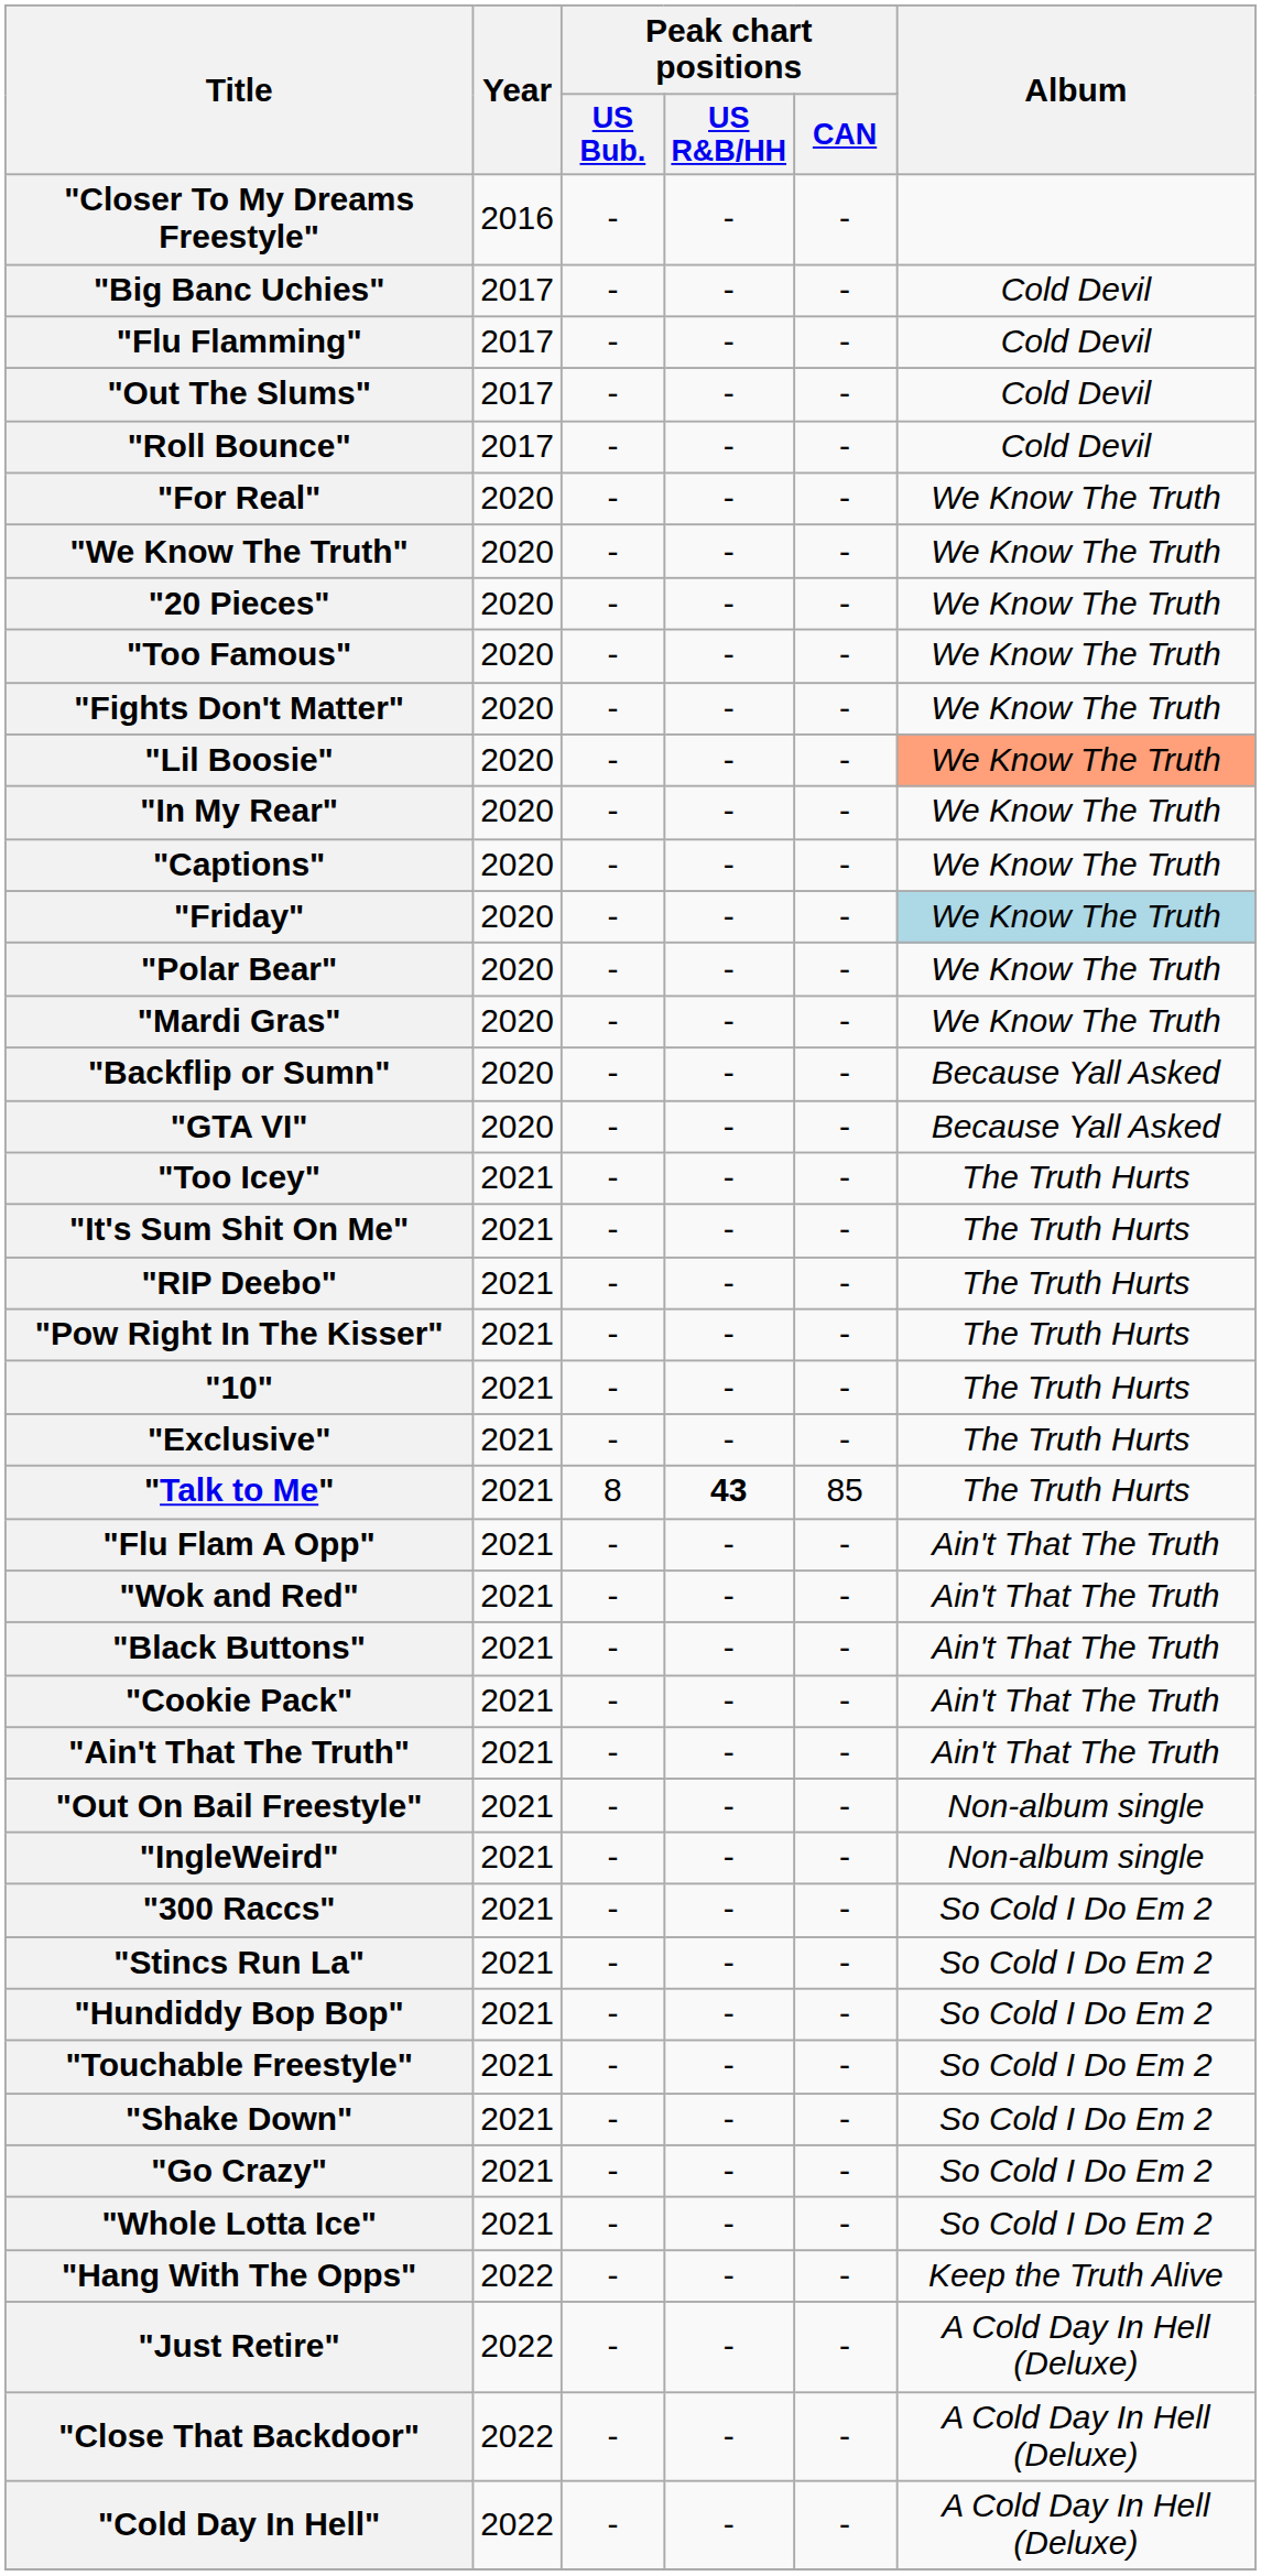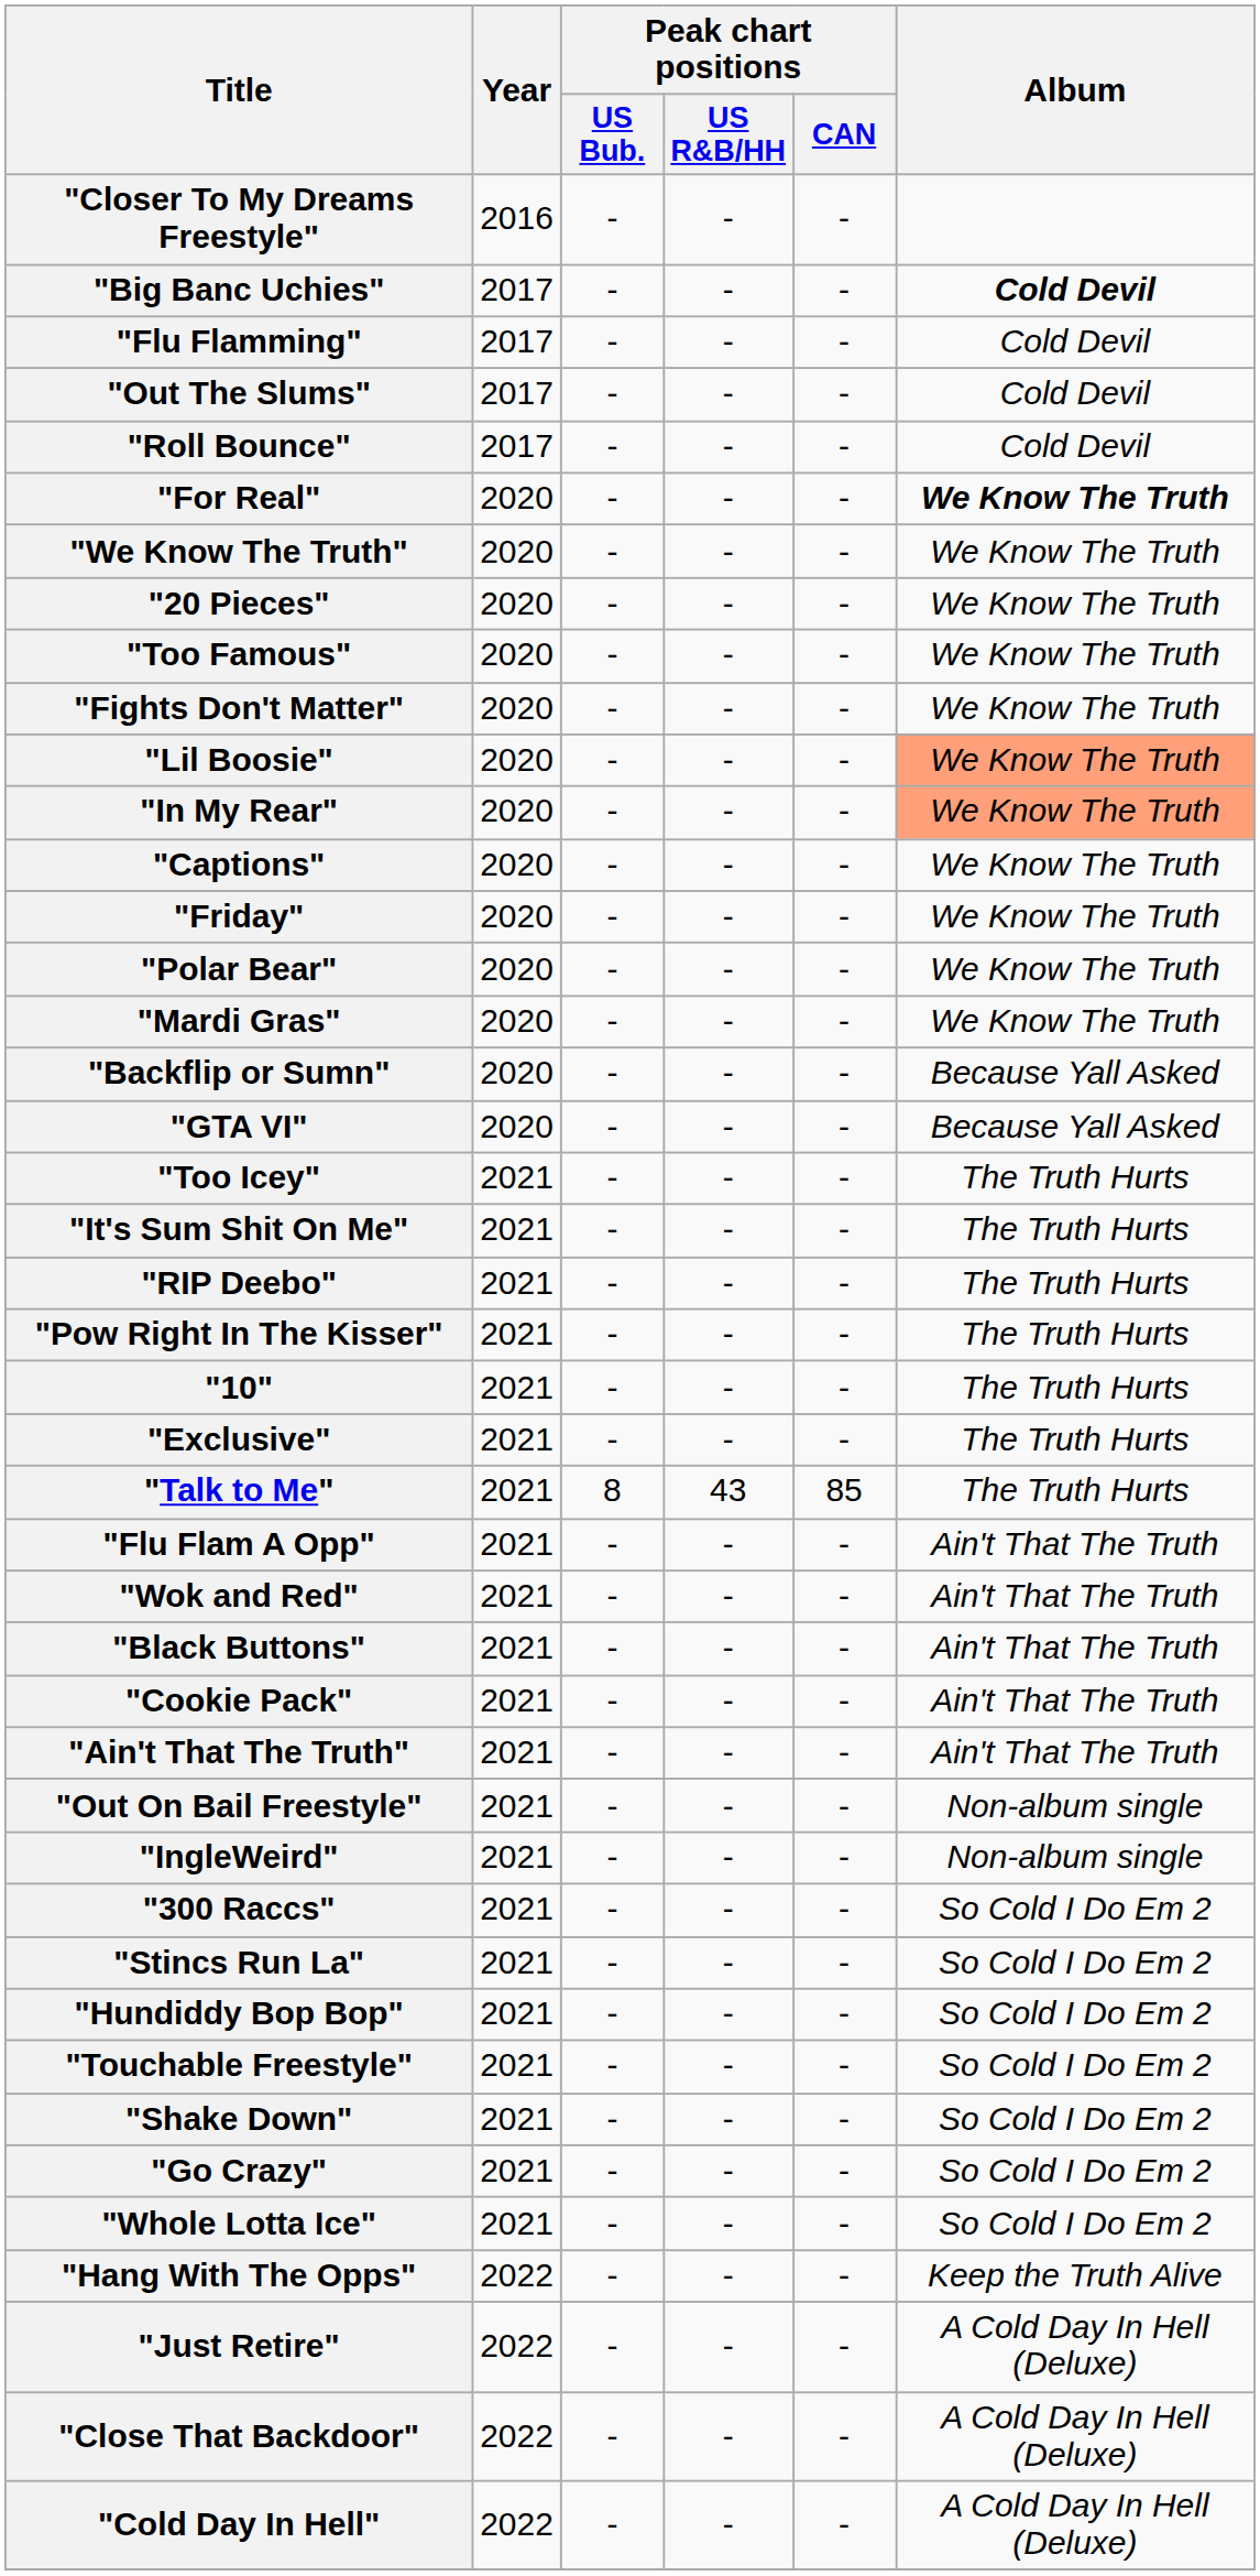 <table class="wikitable plainrowheaders" style="text-align:center;">
 <tr>
 <th rowspan="2">Title</th>
 <th rowspan="2">Year</th>
 <th colspan="3">Peak chart positions</th>
 <th rowspan="2">Album</th>
 </tr>
 <tr>
 <th scope="col" style="width:3em;font-size:90%;"><a href='#'>US<br>Bub.</a></th>
 <th scope="col" style="width:3em;font-size:90%;"><a href='#'>US<br>R&B/HH</a></th>
 <th scope="col" style="width:3em;font-size:90%;"><a href='#'>CAN</a></th>
 </tr>
 <tr>
 <th scope="row">"Closer To My Dreams Freestyle" </th>
 <td>2016</td>
 <td>-</td>
 <td>-</td>
 <td>-</td>
 <td></td>
 </tr>
 <tr>
 <th scope="row">"Big Banc Uchies" </th>
 <td>2017</td>
 <td>-</td>
 <td>-</td>
 <td>-</td>
-<td><em>Cold Devil</em></td>
+<td><strong><em>Cold Devil</em></strong></td>
 </tr>
 <tr>
 <th scope="row">"Flu Flamming" </th>
 <td>2017</td>
 <td>-</td>
 <td>-</td>
 <td>-</td>
 <td><em>Cold Devil</em></td>
 </tr>
 <tr>
 <th scope="row">"Out The Slums" <br></th>
 <td>2017</td>
 <td>-</td>
 <td>-</td>
 <td>-</td>
 <td><em>Cold Devil</em></td>
 </tr>
 <tr>
 <th scope="row">"Roll Bounce" </th>
 <td>2017</td>
 <td>-</td>
 <td>-</td>
 <td>-</td>
 <td><em>Cold Devil</em></td>
 </tr>
 <tr>
 <th scope="row">"For Real" <br></th>
 <td>2020</td>
 <td>-</td>
 <td>-</td>
 <td>-</td>
-<td><em>We Know The Truth</em></td>
+<td><strong><em>We Know The Truth</em></strong></td>
 </tr>
 <tr>
 <th scope="row">"We Know The Truth" <br></th>
 <td>2020</td>
 <td>-</td>
 <td>-</td>
 <td>-</td>
 <td><em>We Know The Truth</em></td>
 </tr>
 <tr>
 <th scope="row">"20 Pieces" </th>
 <td>2020</td>
 <td>-</td>
 <td>-</td>
 <td>-</td>
 <td><em>We Know The Truth</em></td>
 </tr>
 <tr>
 <th scope="row">"Too Famous" </th>
 <td>2020</td>
 <td>-</td>
 <td>-</td>
 <td>-</td>
 <td><em>We Know The Truth</em></td>
 </tr>
 <tr>
 <th scope="row">"Fights Don't Matter" </th>
 <td>2020</td>
 <td>-</td>
 <td>-</td>
 <td>-</td>
 <td><em>We Know The Truth</em></td>
 </tr>
 <tr>
 <th scope="row">"Lil Boosie" <br></th>
 <td>2020</td>
 <td>-</td>
 <td>-</td>
 <td>-</td>
 <td style="background: lightsalmon;"><em>We Know The Truth</em></td>
 </tr>
 <tr>
 <th scope="row">"In My Rear" <br></th>
 <td>2020</td>
 <td>-</td>
 <td>-</td>
 <td>-</td>
-<td><em>We Know The Truth</em></td>
+<td style="background: lightsalmon;"><em>We Know The Truth</em></td>
 </tr>
 <tr>
 <th scope="row">"Captions" </th>
 <td>2020</td>
 <td>-</td>
 <td>-</td>
 <td>-</td>
 <td><em>We Know The Truth</em></td>
 </tr>
 <tr>
 <th scope="row">"Friday" </th>
 <td>2020</td>
 <td>-</td>
 <td>-</td>
 <td>-</td>
-<td style="background: lightblue;"><em>We Know The Truth</em></td>
+<td><em>We Know The Truth</em></td>
 </tr>
 <tr>
 <th scope="row">"Polar Bear" </th>
 <td>2020</td>
 <td>-</td>
 <td>-</td>
 <td>-</td>
 <td><em>We Know The Truth</em></td>
 </tr>
 <tr>
 <th scope="row">"Mardi Gras" </th>
 <td>2020</td>
 <td>-</td>
 <td>-</td>
 <td>-</td>
 <td><em>We Know The Truth</em></td>
 </tr>
 <tr>
 <th scope="row">"Backflip or Sumn" </th>
 <td>2020</td>
 <td>-</td>
 <td>-</td>
 <td>-</td>
 <td><em>Because Yall Asked</em></td>
 </tr>
 <tr>
 <th scope="row">"GTA VI" </th>
 <td>2020</td>
 <td>-</td>
 <td>-</td>
 <td>-</td>
 <td><em>Because Yall Asked</em></td>
 </tr>
 <tr>
 <th scope="row">"Too Icey" </th>
 <td>2021</td>
 <td>-</td>
 <td>-</td>
 <td>-</td>
 <td><em>The Truth Hurts</em></td>
 </tr>
 <tr>
 <th scope="row">"It's Sum Shit On Me" </th>
 <td>2021</td>
 <td>-</td>
 <td>-</td>
 <td>-</td>
 <td><em>The Truth Hurts</em></td>
 </tr>
 <tr>
 <th scope="row">"RIP Deebo" </th>
 <td>2021</td>
 <td>-</td>
 <td>-</td>
 <td>-</td>
 <td><em>The Truth Hurts</em></td>
 </tr>
 <tr>
 <th scope="row">"Pow Right In The Kisser" <br></th>
 <td>2021</td>
 <td>-</td>
 <td>-</td>
 <td>-</td>
 <td><em>The Truth Hurts</em></td>
 </tr>
 <tr>
 <th scope="row">"10" </th>
 <td>2021</td>
 <td>-</td>
 <td>-</td>
 <td>-</td>
 <td><em>The Truth Hurts</em></td>
 </tr>
 <tr>
 <th scope="row">"Exclusive" </th>
 <td>2021</td>
 <td>-</td>
 <td>-</td>
 <td>-</td>
 <td><em>The Truth Hurts</em></td>
 </tr>
 <tr>
 <th scope="row">"<a href='#'>Talk to Me</a>"<br></th>
 <td>2021</td>
 <td>8<br></td>
-<td><strong>43<br></strong></td>
+<td>43<br></td>
 <td>85<br></td>
 <td><em>The Truth Hurts</em></td>
 </tr>
 <tr>
 <th scope="row">"Flu Flam A Opp" <br></th>
 <td>2021</td>
 <td>-</td>
 <td>-</td>
 <td>-</td>
 <td><em>Ain't That The Truth</em></td>
 </tr>
 <tr>
 <th scope="row">"Wok and Red" </th>
 <td>2021</td>
 <td>-</td>
 <td>-</td>
 <td>-</td>
 <td><em>Ain't That The Truth</em></td>
 </tr>
 <tr>
 <th scope="row">"Black Buttons" </th>
 <td>2021</td>
 <td>-</td>
 <td>-</td>
 <td>-</td>
 <td><em>Ain't That The Truth</em></td>
 </tr>
 <tr>
 <th scope="row">"Cookie Pack" <br></th>
 <td>2021</td>
 <td>-</td>
 <td>-</td>
 <td>-</td>
 <td><em>Ain't That The Truth</em></td>
 </tr>
 <tr>
 <th scope="row">"Ain't That The Truth" <br></th>
 <td>2021</td>
 <td>-</td>
 <td>-</td>
 <td>-</td>
 <td><em>Ain't That The Truth</em></td>
 </tr>
 <tr>
 <th scope="row">"Out On Bail Freestyle" </th>
 <td>2021</td>
 <td>-</td>
 <td>-</td>
 <td>-</td>
 <td><em>Non-album single</em></td>
 </tr>
 <tr>
 <th scope="row">"IngleWeird" </th>
 <td>2021</td>
 <td>-</td>
 <td>-</td>
 <td>-</td>
 <td><em>Non-album single</em></td>
 </tr>
 <tr>
 <th scope="row">"300 Raccs" </th>
 <td>2021</td>
 <td>-</td>
 <td>-</td>
 <td>-</td>
 <td><em>So Cold I Do Em 2</em></td>
 </tr>
 <tr>
 <th scope="row">"Stincs Run La" </th>
 <td>2021</td>
 <td>-</td>
 <td>-</td>
 <td>-</td>
 <td><em>So Cold I Do Em 2</em></td>
 </tr>
 <tr>
 <th scope="row">"Hundiddy Bop Bop" </th>
 <td>2021</td>
 <td>-</td>
 <td>-</td>
 <td>-</td>
 <td><em>So Cold I Do Em 2</em></td>
 </tr>
 <tr>
 <th scope="row">"Touchable Freestyle" </th>
 <td>2021</td>
 <td>-</td>
 <td>-</td>
 <td>-</td>
 <td><em>So Cold I Do Em 2</em></td>
 </tr>
 <tr>
 <th scope="row">"Shake Down" <br></th>
 <td>2021</td>
 <td>-</td>
 <td>-</td>
 <td>-</td>
 <td><em>So Cold I Do Em 2</em></td>
 </tr>
 <tr>
 <th scope="row">"Go Crazy" </th>
 <td>2021</td>
 <td>-</td>
 <td>-</td>
 <td>-</td>
 <td><em>So Cold I Do Em 2</em></td>
 </tr>
 <tr>
 <th scope="row">"Whole Lotta Ice" </th>
 <td>2021</td>
 <td>-</td>
 <td>-</td>
 <td>-</td>
 <td><em>So Cold I Do Em 2</em></td>
 </tr>
 <tr>
 <th scope="row">"Hang With The Opps" </th>
 <td>2022</td>
 <td>-</td>
 <td>-</td>
 <td>-</td>
 <td><em>Keep the Truth Alive</em></td>
 </tr>
 <tr>
 <th scope="row">"Just Retire" <br></th>
 <td>2022</td>
 <td>-</td>
 <td>-</td>
 <td>-</td>
 <td><em>A Cold Day In Hell (Deluxe)</em></td>
 </tr>
 <tr>
 <th scope="row">"Close That Backdoor" <br></th>
 <td>2022</td>
 <td>-</td>
 <td>-</td>
 <td>-</td>
 <td><em>A Cold Day In Hell (Deluxe)</em></td>
 </tr>
 <tr>
 <th scope="row">"Cold Day In Hell" <br></th>
 <td>2022</td>
 <td>-</td>
 <td>-</td>
 <td>-</td>
 <td><em>A Cold Day In Hell (Deluxe)</em></td>
 </tr>
 <tr>
 </tr>
 </table>
